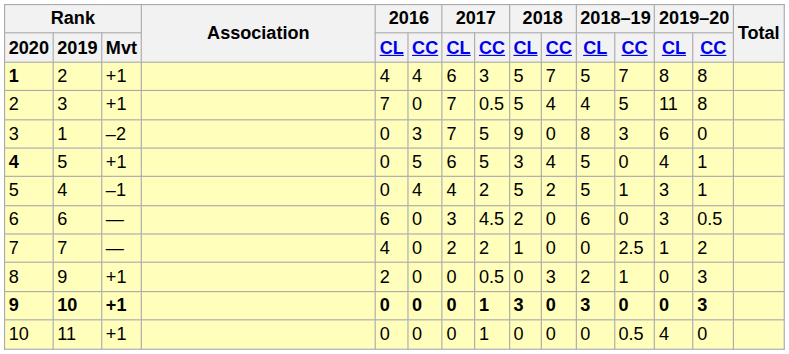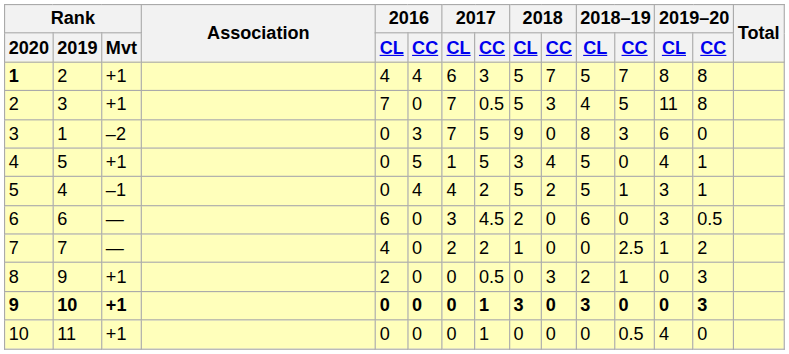 <table class="wikitable">
 <tr>
 <th colspan="3">Rank</th>
 <th rowspan="2" width="200">Association</th>
 <th colspan="2">2016<br></th>
 <th colspan="2">2017<br></th>
 <th colspan="2">2018<br></th>
 <th colspan="2">2018–19<br></th>
 <th colspan="2">2019–20<br></th>
 <th rowspan="2">Total</th>
 </tr>
 <tr>
 <th>2020</th>
 <th>2019</th>
 <th>Mvt</th>
 <th><a href='#'>CL</a></th>
 <th><a href='#'>CC</a></th>
 <th><a href='#'>CL</a></th>
 <th><a href='#'>CC</a></th>
 <th><a href='#'>CL</a></th>
 <th><a href='#'>CC</a></th>
 <th><a href='#'>CL</a></th>
 <th><a href='#'>CC</a></th>
 <th><a href='#'>CL</a></th>
 <th><a href='#'>CC</a></th>
 </tr>
 <tr bgcolor="#FFFFBB">
 <td><strong>1</strong></td>
 <td>2</td>
 <td> +1</td>
 <td align="left"></td>
 <td>4</td>
 <td>4</td>
 <td>6</td>
 <td>3</td>
 <td>5</td>
 <td>7</td>
 <td>5</td>
 <td>7</td>
 <td>8</td>
 <td>8</td>
 <td><strong></strong></td>
 </tr>
 <tr bgcolor="#FFFFBB">
 <td>2</td>
 <td>3</td>
 <td> +1</td>
 <td align="left"></td>
 <td>7</td>
 <td>0</td>
 <td>7</td>
 <td>0.5</td>
 <td>5</td>
-<td>4</td>
+<td>3</td>
 <td>4</td>
 <td>5</td>
 <td>11</td>
 <td>8</td>
 <td><strong></strong></td>
 </tr>
 <tr bgcolor="#FFFFBB">
 <td>3</td>
 <td>1</td>
 <td> –2</td>
 <td align="left"></td>
 <td>0</td>
 <td>3</td>
 <td>7</td>
 <td>5</td>
 <td>9</td>
 <td>0</td>
 <td>8</td>
 <td>3</td>
 <td>6</td>
 <td>0</td>
 <td><strong></strong></td>
 </tr>
 <tr bgcolor="#FFFFBB">
-<td><strong>4</strong></td>
+<td>4</td>
 <td>5</td>
 <td> +1</td>
 <td align="left"></td>
 <td>0</td>
 <td>5</td>
-<td>6</td>
+<td>1</td>
 <td>5</td>
 <td>3</td>
 <td>4</td>
 <td>5</td>
 <td>0</td>
 <td>4</td>
 <td>1</td>
 <td><strong></strong></td>
 </tr>
 <tr bgcolor="#FFFFBB">
 <td>5</td>
 <td>4</td>
 <td> –1</td>
 <td align="left"></td>
 <td>0</td>
 <td>4</td>
 <td>4</td>
 <td>2</td>
 <td>5</td>
 <td>2</td>
 <td>5</td>
 <td>1</td>
 <td>3</td>
 <td>1</td>
 <td><strong></strong></td>
 </tr>
 <tr bgcolor="#FFFFBB">
 <td>6</td>
 <td>6</td>
 <td> —</td>
 <td align="left"></td>
 <td>6</td>
 <td>0</td>
 <td>3</td>
 <td>4.5</td>
 <td>2</td>
 <td>0</td>
 <td>6</td>
 <td>0</td>
 <td>3</td>
 <td>0.5</td>
 <td><strong></strong></td>
 </tr>
 <tr bgcolor="#FFFFBB">
 <td>7</td>
 <td>7</td>
 <td> —</td>
 <td align="left"></td>
 <td>4</td>
 <td>0</td>
 <td>2</td>
 <td>2</td>
 <td>1</td>
 <td>0</td>
 <td>0</td>
 <td>2.5</td>
 <td>1</td>
 <td>2</td>
 <td><strong></strong></td>
 </tr>
 <tr bgcolor="#FFFFBB">
 <td>8</td>
 <td>9</td>
 <td> +1</td>
 <td align="left"></td>
 <td>2</td>
 <td>0</td>
 <td>0</td>
 <td>0.5</td>
 <td>0</td>
 <td>3</td>
 <td>2</td>
 <td>1</td>
 <td>0</td>
 <td>3</td>
 <td><strong></strong></td>
 </tr>
 <tr bgcolor="#FFFFBB">
 <td><strong>9</strong></td>
 <td><strong>10</strong></td>
 <td><strong> +1</strong></td>
 <td align="left"><strong></strong></td>
 <td><strong>0</strong></td>
 <td><strong>0</strong></td>
 <td><strong>0</strong></td>
 <td><strong>1</strong></td>
 <td><strong>3</strong></td>
 <td><strong>0</strong></td>
 <td><strong>3</strong></td>
 <td><strong>0</strong></td>
 <td><strong>0</strong></td>
 <td><strong>3</strong></td>
 <td><strong></strong></td>
 </tr>
 <tr bgcolor="#FFFFBB">
 <td>10</td>
 <td>11</td>
 <td> +1</td>
 <td align="left"></td>
 <td>0</td>
 <td>0</td>
 <td>0</td>
 <td>1</td>
 <td>0</td>
 <td>0</td>
 <td>0</td>
 <td>0.5</td>
 <td>4</td>
 <td>0</td>
 <td><strong></strong></td>
 </tr>
 </table>
